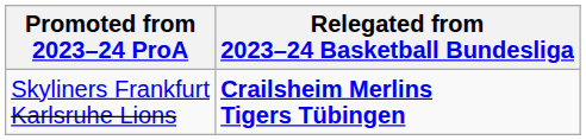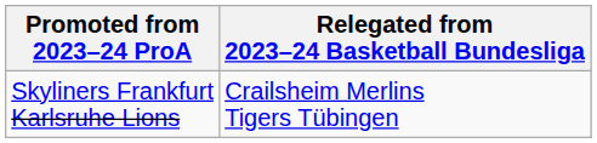 <table class="wikitable">
 <tr>
 <th>Promoted from<br><a href='#'>2023–24 ProA</a></th>
 <th>Relegated from<br><a href='#'>2023–24 Basketball Bundesliga</a></th>
 </tr>
 <tr>
 <td><a href='#'>Skyliners Frankfurt</a><br><s><a href='#'>Karlsruhe Lions</a></s></td>
-<td><strong><a href='#'>Crailsheim Merlins</a><br><a href='#'>Tigers Tübingen</a></strong></td>
+<td><a href='#'>Crailsheim Merlins</a><br><a href='#'>Tigers Tübingen</a></td>
 </tr>
 </table>
